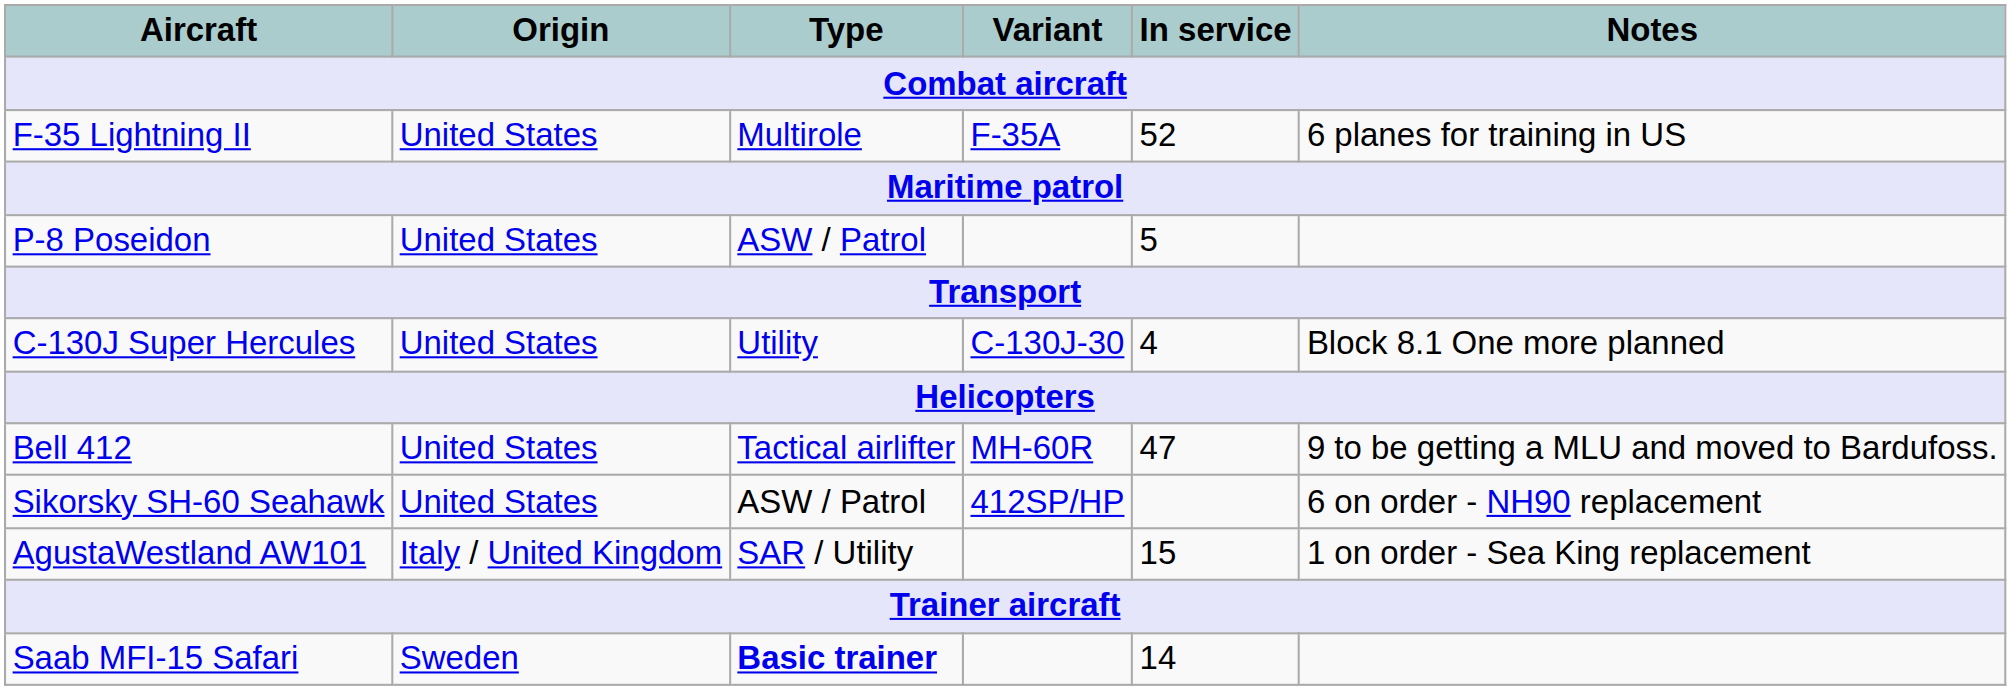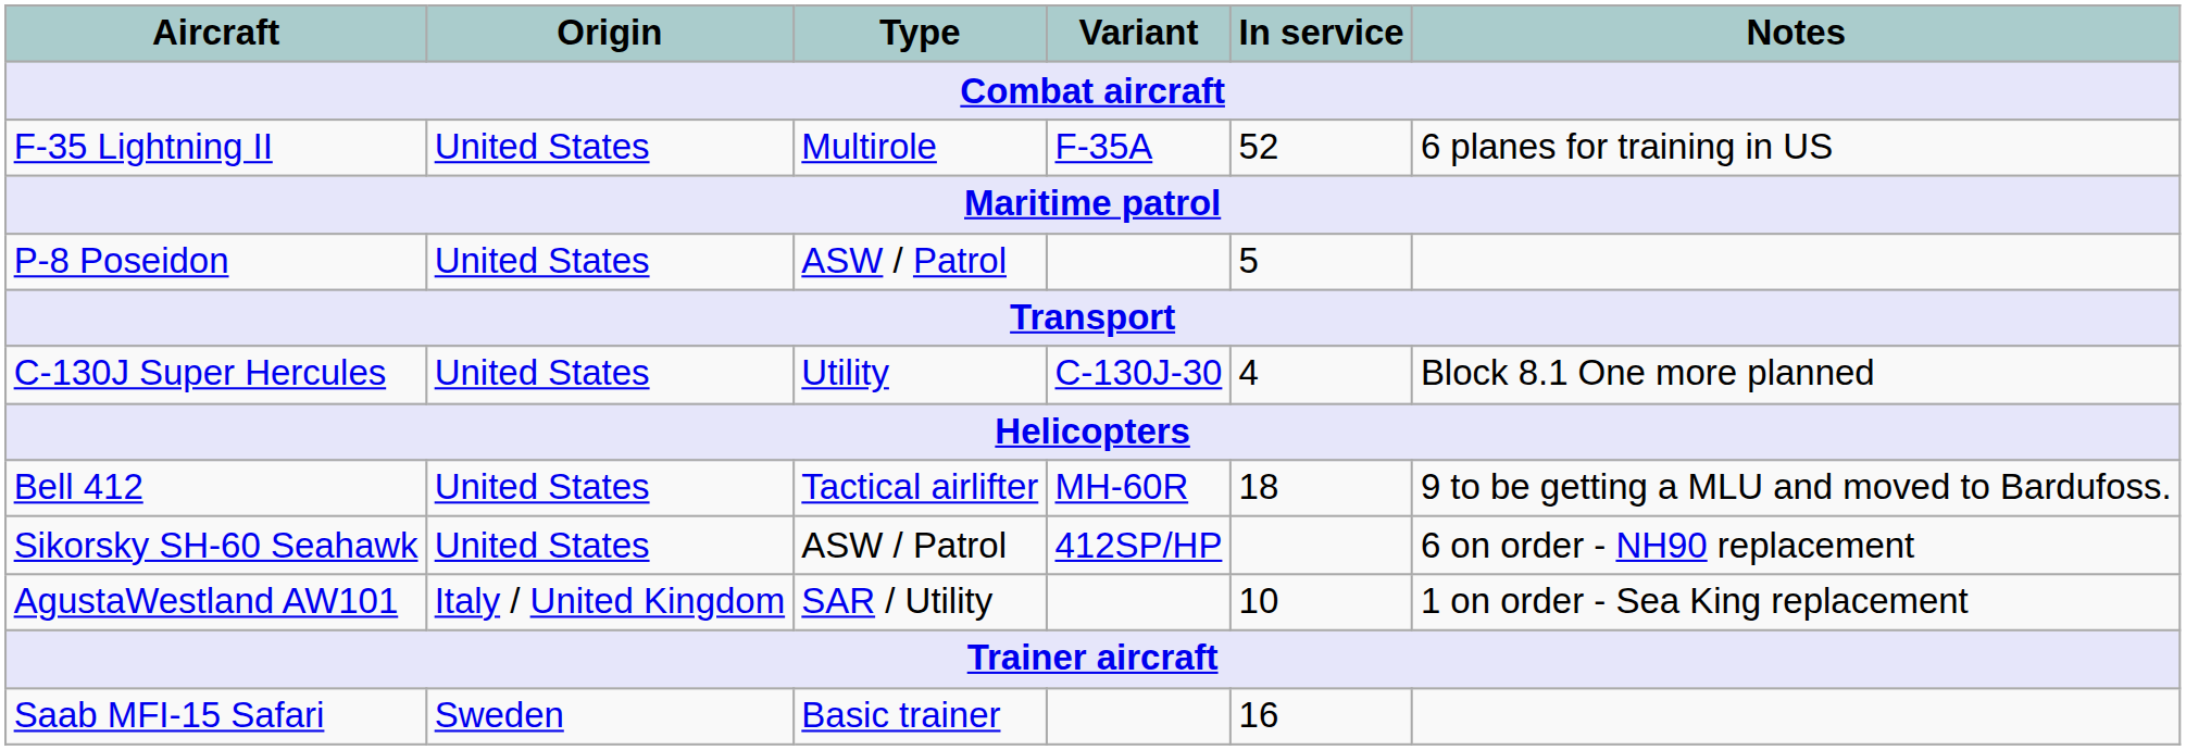 <table class="wikitable">
 <tr>
 <th style="background:#acc;">Aircraft</th>
 <th style="background:#acc;">Origin</th>
 <th style="background:#acc;">Type</th>
 <th style="background:#acc;">Variant</th>
 <th style="background:#acc;">In service</th>
 <th style="background:#acc;">Notes</th>
 </tr>
 <tr>
 <th style="align: center; background: lavender;" colspan="6"><a href='#'>Combat aircraft</a></th>
 </tr>
 <tr>
 <td><a href='#'>F-35 Lightning II</a></td>
 <td><a href='#'>United States</a></td>
 <td><a href='#'>Multirole</a></td>
 <td><a href='#'>F-35A</a></td>
 <td>52</td>
 <td>6 planes for training in US</td>
 </tr>
 <tr>
 <th style="align: center; background: lavender;" colspan="6"><a href='#'>Maritime patrol</a></th>
 </tr>
 <tr>
 <td><a href='#'>P-8 Poseidon</a></td>
 <td><a href='#'>United States</a></td>
 <td><a href='#'>ASW</a> / <a href='#'>Patrol</a></td>
 <td></td>
 <td>5</td>
 <td></td>
 </tr>
 <tr>
 <th style="align: center; background: lavender;" colspan="6"><a href='#'>Transport</a></th>
 </tr>
 <tr>
 <td><a href='#'>C-130J Super Hercules</a></td>
 <td><a href='#'>United States</a></td>
 <td><a href='#'>Utility</a></td>
 <td><a href='#'>C-130J-30</a></td>
 <td>4</td>
 <td>Block 8.1 One more planned</td>
 </tr>
 <tr>
 <th style="align: center; background: lavender;" colspan="6"><a href='#'>Helicopters</a></th>
 </tr>
 <tr>
 <td><a href='#'>Bell 412</a></td>
 <td><a href='#'>United States</a></td>
 <td><a href='#'>Tactical airlifter</a></td>
 <td><a href='#'>MH-60R</a></td>
-<td>47</td>
+<td>18</td>
 <td>9 to be getting a MLU and moved to Bardufoss.</td>
 </tr>
 <tr>
 <td><a href='#'>Sikorsky SH-60 Seahawk</a></td>
 <td><a href='#'>United States</a></td>
 <td>ASW / Patrol</td>
 <td><a href='#'>412SP/HP</a></td>
 <td></td>
 <td>6 on order - <a href='#'>NH90</a> replacement</td>
 </tr>
 <tr>
 <td><a href='#'>AgustaWestland AW101</a></td>
 <td><a href='#'>Italy</a> / <a href='#'>United Kingdom</a></td>
 <td><a href='#'>SAR</a> / Utility</td>
 <td></td>
-<td>15</td>
+<td>10</td>
 <td>1 on order - Sea King replacement</td>
 </tr>
 <tr>
 <th style="align: center; background: lavender;" colspan="6"><a href='#'>Trainer aircraft</a></th>
 </tr>
 <tr>
 <td><a href='#'>Saab MFI-15 Safari</a></td>
 <td><a href='#'>Sweden</a></td>
-<td><strong><a href='#'>Basic trainer</a></strong></td>
+<td><a href='#'>Basic trainer</a></td>
 <td></td>
-<td>14</td>
+<td>16</td>
 <td></td>
 </tr>
 </table>
